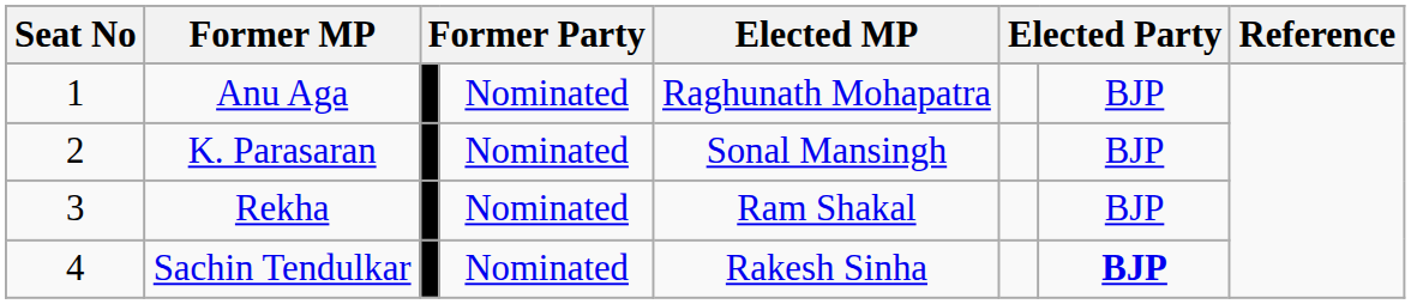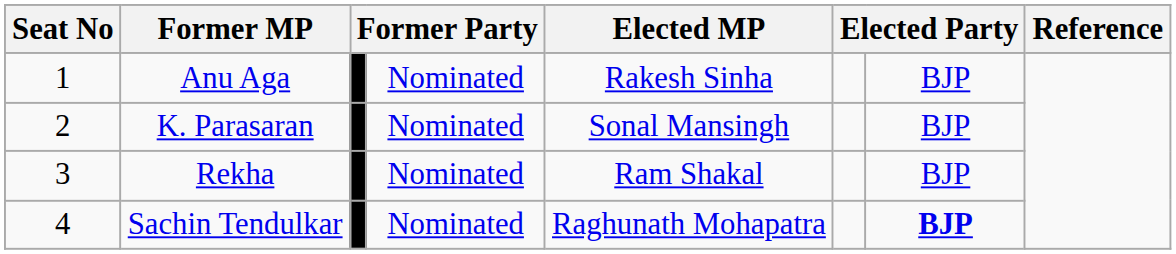 <table class="wikitable">
 <tr>
 <th>Seat No</th>
 <th>Former MP</th>
 <th colspan=2>Former Party</th>
 <th>Elected MP</th>
 <th colspan=2>Elected Party</th>
 <th>Reference</th>
 </tr>
 <tr style="text-align:center;">
 <td>1</td>
 <td><a href='#'>Anu Aga</a></td>
 <td bgcolor="000000"></td>
 <td><a href='#'>Nominated</a></td>
-<td><a href='#'>Raghunath Mohapatra</a></td>
+<td><a href='#'>Rakesh Sinha</a></td>
 <td></td>
 <td><a href='#'>BJP</a></td>
 <td rowspan=4></td>
 </tr>
 <tr style="text-align:center;">
 <td>2</td>
 <td><a href='#'>K. Parasaran</a></td>
 <td bgcolor="000000"></td>
 <td><a href='#'>Nominated</a></td>
 <td><a href='#'>Sonal Mansingh</a></td>
 <td></td>
 <td><a href='#'>BJP</a></td>
 </tr>
 <tr style="text-align:center;">
 <td>3</td>
 <td><a href='#'>Rekha</a></td>
 <td bgcolor="000000"></td>
 <td><a href='#'>Nominated</a></td>
 <td><a href='#'>Ram Shakal</a></td>
 <td></td>
 <td><a href='#'>BJP</a></td>
 </tr>
 <tr style="text-align:center;">
 <td>4</td>
 <td><a href='#'>Sachin Tendulkar</a></td>
 <td bgcolor="000000"></td>
 <td><a href='#'>Nominated</a></td>
-<td><a href='#'>Rakesh Sinha</a></td>
+<td><a href='#'>Raghunath Mohapatra</a></td>
 <td></td>
 <td><strong><a href='#'>BJP</a></strong></td>
 </tr>
 </table>
